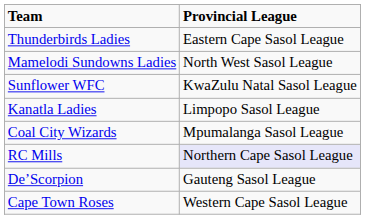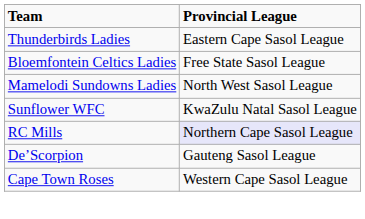 <table class= "wikitable sortable" style="text_align: left;">
 <tr>
 <td><strong>Team</strong></td>
 <td><strong>Provincial League</strong></td>
 </tr>
 <tr>
 <td><a href='#'>Thunderbirds Ladies</a></td>
 <td>Eastern Cape Sasol League</td>
 </tr>
 <tr>
+<td><a href='#'>Bloemfontein Celtics Ladies</a></td>
+<td>Free State Sasol League</td>
+</tr>
+<tr>
 <td><a href='#'>Mamelodi Sundowns Ladies</a></td>
 <td>North West Sasol League</td>
 </tr>
 <tr>
 <td><a href='#'>Sunflower WFC</a></td>
 <td>KwaZulu Natal Sasol League</td>
-</tr>
-<tr>
-<td><a href='#'>Kanatla Ladies</a></td>
-<td>Limpopo Sasol League</td>
-</tr>
-<tr>
-<td><a href='#'>Coal City Wizards</a></td>
-<td>Mpumalanga Sasol League</td>
 </tr>
 <tr>
 <td><a href='#'>RC Mills</a></td>
 <td style="background: lavender;">Northern Cape Sasol League</td>
 </tr>
 <tr>
 <td><a href='#'>De’Scorpion</a></td>
 <td>Gauteng Sasol League</td>
 </tr>
 <tr>
 <td><a href='#'>Cape Town Roses</a></td>
 <td>Western Cape Sasol League</td>
 </tr>
 </table>
